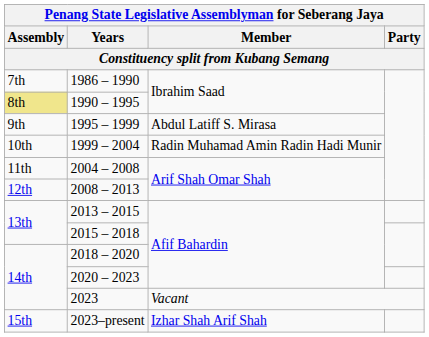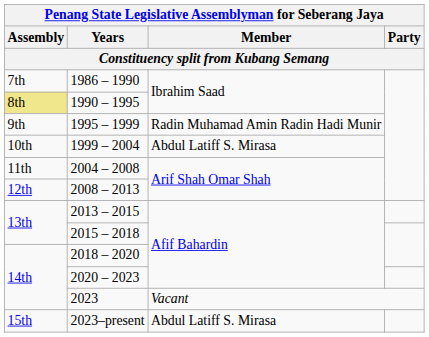 <table class="wikitable">
 <tr>
 <th colspan="4"><a href='#'>Penang State Legislative Assemblyman</a> for Seberang Jaya</th>
 </tr>
 <tr>
 <th>Assembly</th>
 <th>Years</th>
 <th>Member</th>
 <th>Party</th>
 </tr>
 <tr>
 <th colspan="4" align="center"><em>Constituency split from Kubang Semang</em></th>
 </tr>
 <tr>
 <td>7th</td>
 <td>1986 – 1990</td>
 <td rowspan="2">Ibrahim Saad</td>
 <td rowspan="6"></td>
 </tr>
 <tr>
 <td style="background: khaki;">8th</td>
 <td>1990 – 1995</td>
 </tr>
 <tr>
 <td>9th</td>
 <td>1995 – 1999</td>
-<td>Abdul Latiff S. Mirasa</td>
+<td>Radin Muhamad Amin Radin Hadi Munir</td>
 </tr>
 <tr>
 <td>10th</td>
 <td>1999 – 2004</td>
-<td>Radin Muhamad Amin Radin Hadi Munir</td>
+<td>Abdul Latiff S. Mirasa</td>
 </tr>
 <tr>
 <td>11th</td>
 <td>2004 – 2008</td>
 <td rowspan="2"><a href='#'>Arif Shah Omar Shah</a></td>
 </tr>
 <tr>
 <td><a href='#'>12th</a></td>
 <td>2008 – 2013</td>
 </tr>
 <tr>
 <td rowspan=2><a href='#'>13th</a></td>
 <td>2013 – 2015</td>
 <td rowspan=4><a href='#'>Afif Bahardin</a></td>
 <td></td>
 </tr>
 <tr>
 <td>2015 – 2018</td>
 <td rowspan=2></td>
 </tr>
 <tr>
 <td rowspan="3"><a href='#'>14th</a></td>
 <td>2018 – 2020</td>
 </tr>
 <tr>
 <td>2020 – 2023</td>
 <td></td>
 </tr>
 <tr>
 <td>2023</td>
 <td colspan="2"><em>Vacant</em></td>
 </tr>
 <tr>
 <td><a href='#'>15th</a></td>
 <td>2023–present</td>
-<td><a href='#'>Izhar Shah Arif Shah</a></td>
+<td>Abdul Latiff S. Mirasa</td>
 <td></td>
 </tr>
 </table>
